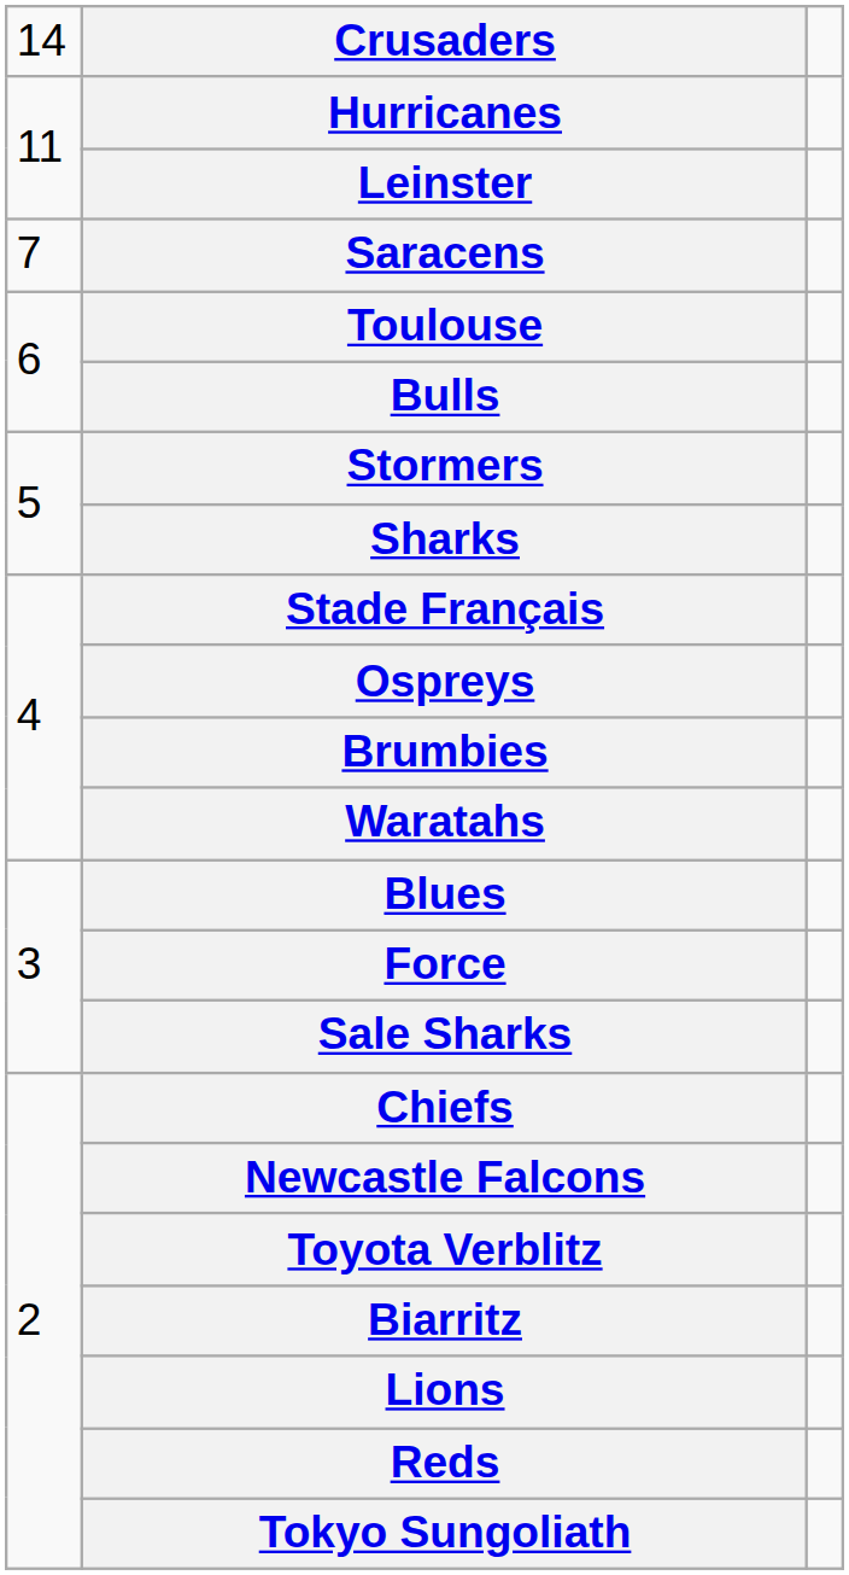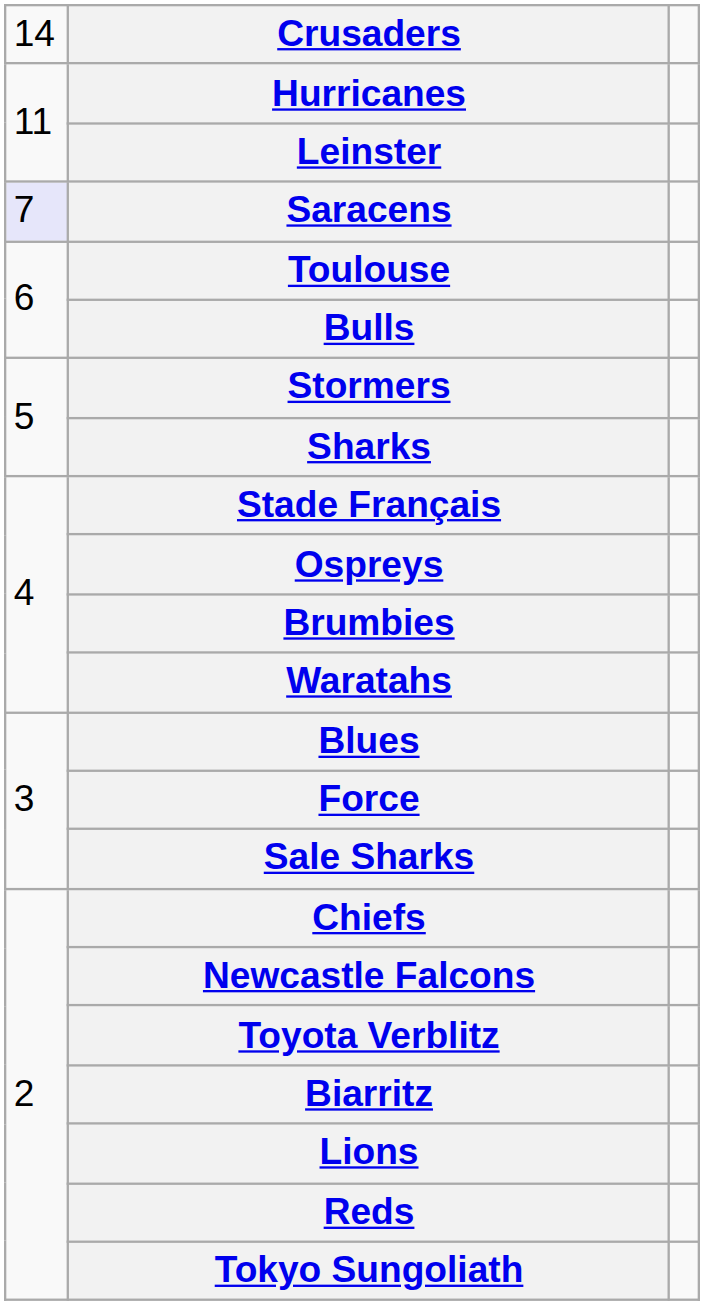 <table class="wikitable plainrowheaders" width="300px">
 <tr>
 <td width="20">14</td>
 <th scope=row><a href='#'>Crusaders</a></th>
 <td></td>
 </tr>
 <tr>
 <td rowspan=2 width="20">11</td>
 <th scope=row><a href='#'>Hurricanes</a></th>
 <td></td>
 </tr>
 <tr>
 <th scope=row><a href='#'>Leinster</a></th>
 <td></td>
 </tr>
 <tr>
-<td width="20">7</td>
+<td width="20" style="background: lavender;">7</td>
 <th scope=row><a href='#'>Saracens</a></th>
 <td></td>
 </tr>
 <tr>
 <td rowspan=2 width="20">6</td>
 <th scope=row><a href='#'>Toulouse</a></th>
 <td></td>
 </tr>
 <tr>
 <th scope=row><a href='#'>Bulls</a></th>
 <td></td>
 </tr>
 <tr>
 <td rowspan=2 width="20">5</td>
 <th scope=row><a href='#'>Stormers</a></th>
 <td></td>
 </tr>
 <tr>
 <th scope=row><a href='#'>Sharks</a></th>
 <td></td>
 </tr>
 <tr>
 <td rowspan=4 width="20">4</td>
 <th scope=row><a href='#'>Stade Français</a></th>
 <td></td>
 </tr>
 <tr>
 <th scope=row><a href='#'>Ospreys</a></th>
 <td></td>
 </tr>
 <tr>
 <th scope=row><a href='#'>Brumbies</a></th>
 <td></td>
 </tr>
 <tr>
 <th scope=row><a href='#'>Waratahs</a></th>
 <td></td>
 </tr>
 <tr>
 <td rowspan=3 width="20">3</td>
 <th scope=row><a href='#'>Blues</a></th>
 <td></td>
 </tr>
 <tr>
 <th scope=row><a href='#'>Force</a></th>
 <td></td>
 </tr>
 <tr>
 <th scope=row><a href='#'>Sale Sharks</a></th>
 <td></td>
 </tr>
 <tr>
 <td rowspan=7 width="20">2</td>
 <th scope=row><a href='#'>Chiefs</a></th>
 <td></td>
 </tr>
 <tr>
 <th scope=row><a href='#'>Newcastle Falcons</a></th>
 <td></td>
 </tr>
 <tr>
 <th scope=row><a href='#'>Toyota Verblitz</a></th>
 <td></td>
 </tr>
 <tr>
 <th scope=row><a href='#'>Biarritz</a></th>
 <td></td>
 </tr>
 <tr>
 <th scope=row><a href='#'>Lions</a></th>
 <td></td>
 </tr>
 <tr>
 <th scope=row><a href='#'>Reds</a></th>
 <td></td>
 </tr>
 <tr>
 <th scope=row><a href='#'>Tokyo Sungoliath</a></th>
 <td></td>
 </tr>
 </table>
